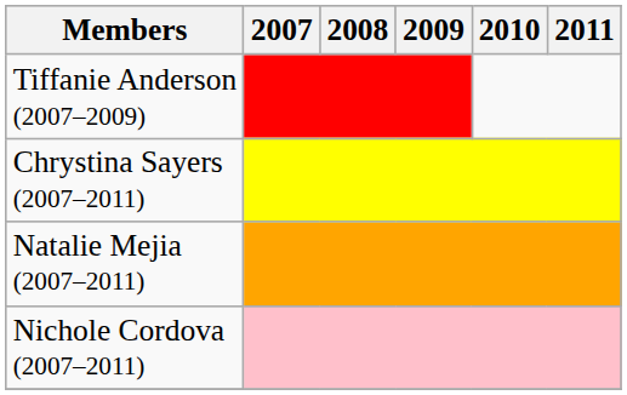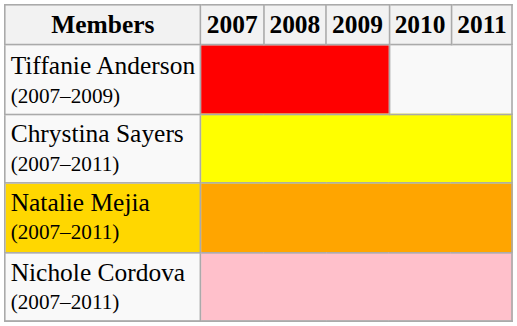 <table class="wikitable">
 <tr>
 <th>Members</th>
 <th>2007</th>
 <th>2008</th>
 <th>2009</th>
 <th>2010</th>
 <th>2011</th>
 </tr>
 <tr>
 <td>Tiffanie Anderson<br><small>(2007–2009)</small></td>
 <td colspan="3" style="text-align:center; background:red"></td>
 <td colspan="2"></td>
 </tr>
 <tr>
 <td>Chrystina Sayers<br><small>(2007–2011)</small></td>
 <td colspan="5" style="text-align:center; background:yellow;"></td>
 </tr>
 <tr>
-<td>Natalie Mejia<br><small>(2007–2011)</small></td>
+<td style="background: gold;">Natalie Mejia<br><small>(2007–2011)</small></td>
 <td colspan="5" style="text-align:center; background:orange;"></td>
 </tr>
 <tr>
 <td>Nichole Cordova<br><small>(2007–2011)</small></td>
 <td colspan="5" style="text-align:center; background:pink;"></td>
 </tr>
 <tr>
 </tr>
 </table>
